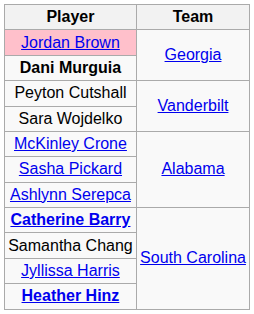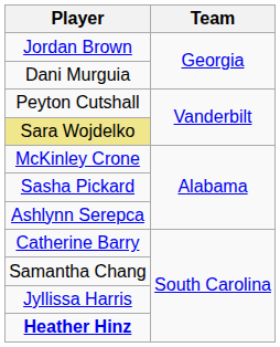 <table class="wikitable" style="text-align:center">
 <tr>
 <th>Player</th>
 <th>Team</th>
 </tr>
 <tr>
-<td style="background: pink;"><a href='#'>Jordan Brown</a></td>
+<td><a href='#'>Jordan Brown</a></td>
 <td rowspan=2><a href='#'>Georgia</a></td>
 </tr>
 <tr>
-<td><strong>Dani Murguia</strong></td>
+<td>Dani Murguia</td>
 </tr>
 <tr>
 <td>Peyton Cutshall</td>
 <td rowspan=2><a href='#'>Vanderbilt</a></td>
 </tr>
 <tr>
-<td>Sara Wojdelko</td>
+<td style="background: khaki;">Sara Wojdelko</td>
 </tr>
 <tr>
 <td><a href='#'>McKinley Crone</a></td>
 <td rowspan=3><a href='#'>Alabama</a></td>
 </tr>
 <tr>
 <td><a href='#'>Sasha Pickard</a></td>
 </tr>
 <tr>
 <td><a href='#'>Ashlynn Serepca</a></td>
 </tr>
 <tr>
-<td><strong><a href='#'>Catherine Barry</a></strong></td>
+<td><a href='#'>Catherine Barry</a></td>
 <td rowspan=4><a href='#'>South Carolina</a></td>
 </tr>
 <tr>
 <td>Samantha Chang</td>
 </tr>
 <tr>
 <td><a href='#'>Jyllissa Harris</a></td>
 </tr>
 <tr>
 <td><strong><a href='#'>Heather Hinz</a></strong></td>
 </tr>
 </table>
